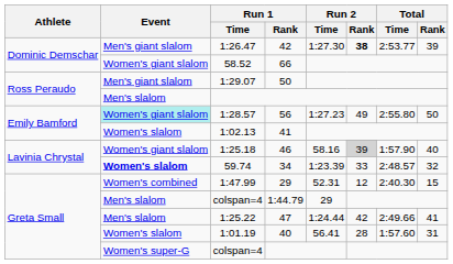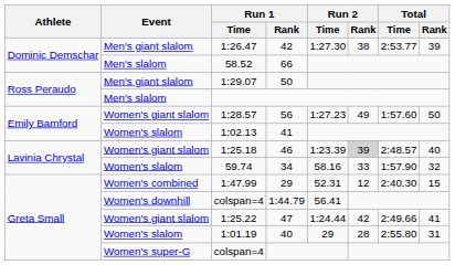 <table class="wikitable" style="font-size:90%">
 <tr>
 <th rowspan=2>Athlete</th>
 <th rowspan=2>Event</th>
 <th colspan=2>Run 1</th>
 <th colspan=2>Run 2</th>
 <th colspan=2>Total</th>
 </tr>
 <tr style="font-size:95%">
 <th>Time</th>
 <th>Rank</th>
 <th>Time</th>
 <th>Rank</th>
 <th>Time</th>
 <th>Rank</th>
 </tr>
 <tr align=center>
 <td align=left rowspan=2><a href='#'>Dominic Demschar</a></td>
 <td align=left><a href='#'>Men's giant slalom</a></td>
 <td>1:26.47</td>
 <td>42</td>
 <td>1:27.30</td>
-<td><strong>38</strong></td>
+<td>38</td>
 <td>2:53.77</td>
 <td>39</td>
 </tr>
 <tr align=center>
-<td align=left><a href='#'>Women's giant slalom</a></td>
+<td align=left><a href='#'>Men's slalom</a></td>
 <td>58.52</td>
 <td>66</td>
 <td colspan=4></td>
 </tr>
 <tr align=center>
 <td align=left rowspan=2><a href='#'>Ross Peraudo</a></td>
 <td align=left><a href='#'>Men's giant slalom</a></td>
 <td>1:29.07</td>
 <td>50</td>
 <td colspan=4></td>
 </tr>
 <tr align=center>
 <td align=left><a href='#'>Men's slalom</a></td>
 <td colspan=6></td>
 </tr>
 <tr align=center>
 <td align=left rowspan=2><a href='#'>Emily Bamford</a></td>
-<td align=left style="background: paleturquoise;"><a href='#'>Women's giant slalom</a></td>
+<td align=left><a href='#'>Women's giant slalom</a></td>
 <td>1:28.57</td>
 <td>56</td>
 <td>1:27.23</td>
 <td>49</td>
-<td>2:55.80</td>
+<td>1:57.60</td>
 <td>50</td>
 </tr>
 <tr align=center>
 <td align=left><a href='#'>Women's slalom</a></td>
 <td>1:02.13</td>
 <td>41</td>
 <td colspan=4></td>
 </tr>
 <tr align=center>
 <td align=left rowspan=2><a href='#'>Lavinia Chrystal</a></td>
 <td align=left><a href='#'>Women's giant slalom</a></td>
 <td>1:25.18</td>
 <td>46</td>
-<td>58.16</td>
+<td>1:23.39</td>
 <td style="background: lightgrey;">39</td>
-<td>1:57.90</td>
+<td>2:48.57</td>
 <td>40</td>
 </tr>
 <tr align=center>
-<td align=left><strong><a href='#'>Women's slalom</a></strong></td>
+<td align=left><a href='#'>Women's slalom</a></td>
 <td>59.74</td>
 <td>34</td>
-<td>1:23.39</td>
+<td>58.16</td>
 <td>33</td>
-<td>2:48.57</td>
+<td>1:57.90</td>
 <td>32</td>
 </tr>
 <tr align=center>
 <td align=left rowspan=5><a href='#'>Greta Small</a></td>
 <td align=left><a href='#'>Women's combined</a></td>
 <td>1:47.99</td>
 <td>29</td>
 <td>52.31</td>
 <td>12</td>
 <td>2:40.30</td>
 <td>15</td>
 </tr>
 <tr align=center>
-<td align=left><a href='#'>Men's slalom</a></td>
+<td align=left><a href='#'>Women's downhill</a></td>
 <td>colspan=4 </td>
 <td>1:44.79</td>
-<td>29</td>
+<td>56.41</td>
 </tr>
 <tr align=center>
-<td align=left><a href='#'>Men's slalom</a></td>
+<td align=left><a href='#'>Women's giant slalom</a></td>
 <td>1:25.22</td>
 <td>47</td>
 <td>1:24.44</td>
 <td>42</td>
 <td>2:49.66</td>
 <td>41</td>
 </tr>
 <tr align=center>
 <td align=left><a href='#'>Women's slalom</a></td>
 <td>1:01.19</td>
 <td>40</td>
-<td>56.41</td>
+<td>29</td>
 <td>28</td>
-<td>1:57.60</td>
+<td>2:55.80</td>
 <td>31</td>
 </tr>
 <tr align=center>
 <td align=left><a href='#'>Women's super-G</a></td>
 <td>colspan=4 </td>
 <td colspan=2></td>
 </tr>
 </table>
